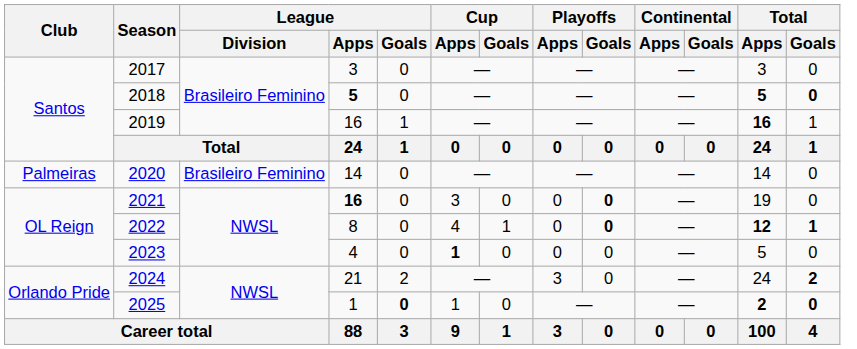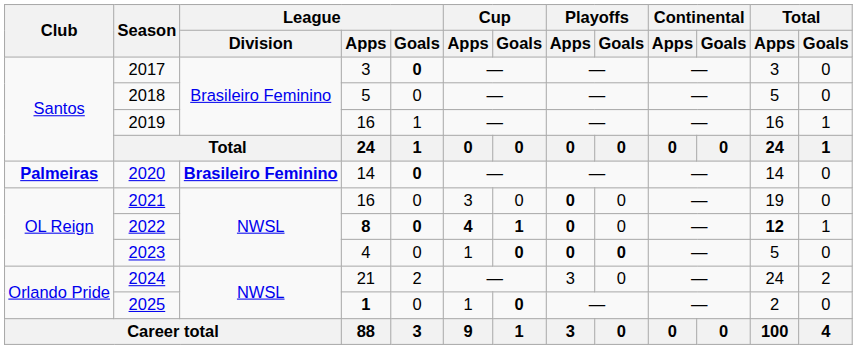 <table class=wikitable style=text-align:center>
 <tr>
 <th rowspan=2>Club</th>
 <th rowspan=2>Season</th>
 <th colspan=3>League</th>
 <th colspan="2">Cup</th>
 <th colspan="2">Playoffs</th>
 <th colspan=2>Continental</th>
 <th colspan=2>Total</th>
 </tr>
 <tr>
 <th>Division</th>
 <th>Apps</th>
 <th>Goals</th>
 <th>Apps</th>
 <th>Goals</th>
 <th>Apps</th>
 <th>Goals</th>
 <th>Apps</th>
 <th>Goals</th>
 <th>Apps</th>
 <th>Goals</th>
 </tr>
 <tr>
 <td rowspan=4><a href='#'>Santos</a></td>
 <td>2017</td>
 <td rowspan=3><a href='#'>Brasileiro Feminino</a></td>
 <td>3</td>
-<td>0</td>
+<td><strong>0</strong></td>
 <td colspan="2">—</td>
 <td colspan="2">—</td>
 <td colspan="2">—</td>
 <td>3</td>
 <td>0</td>
 </tr>
 <tr>
 <td>2018</td>
-<td><strong>5</strong></td>
+<td>5</td>
 <td>0</td>
 <td colspan="2">—</td>
 <td colspan="2">—</td>
 <td colspan="2">—</td>
-<td><strong>5</strong></td>
-<td><strong>0</strong></td>
+<td>5</td>
+<td>0</td>
 </tr>
 <tr>
 <td>2019</td>
 <td>16</td>
 <td>1</td>
 <td colspan="2">—</td>
 <td colspan="2">—</td>
 <td colspan="2">—</td>
-<td><strong>16</strong></td>
+<td>16</td>
 <td>1</td>
 </tr>
 <tr>
 <th colspan=2>Total</th>
 <th>24</th>
 <th>1</th>
 <th>0</th>
 <th>0</th>
 <th>0</th>
 <th>0</th>
 <th>0</th>
 <th>0</th>
 <th>24</th>
 <th>1</th>
 </tr>
 <tr>
-<td><a href='#'>Palmeiras</a></td>
+<td><strong><a href='#'>Palmeiras</a></strong></td>
 <td><a href='#'>2020</a></td>
-<td><a href='#'>Brasileiro Feminino</a></td>
+<td><strong><a href='#'>Brasileiro Feminino</a></strong></td>
 <td>14</td>
-<td>0</td>
+<td><strong>0</strong></td>
 <td colspan="2">—</td>
 <td colspan="2">—</td>
 <td colspan="2">—</td>
 <td>14</td>
 <td>0</td>
 </tr>
 <tr>
 <td rowspan=3><a href='#'>OL Reign</a></td>
 <td><a href='#'>2021</a></td>
 <td rowspan=3><a href='#'>NWSL</a></td>
-<td><strong>16</strong></td>
+<td>16</td>
 <td>0</td>
 <td>3</td>
 <td>0</td>
+<td><strong>0</strong></td>
 <td>0</td>
-<td><strong>0</strong></td>
 <td colspan="2">—</td>
 <td>19</td>
 <td>0</td>
 </tr>
 <tr>
 <td><a href='#'>2022</a></td>
-<td>8</td>
+<td><strong>8</strong></td>
+<td><strong>0</strong></td>
+<td><strong>4</strong></td>
+<td><strong>1</strong></td>
+<td><strong>0</strong></td>
 <td>0</td>
-<td>4</td>
-<td>1</td>
-<td>0</td>
-<td><strong>0</strong></td>
 <td colspan="2">—</td>
 <td><strong>12</strong></td>
-<td><strong>1</strong></td>
+<td>1</td>
 </tr>
 <tr>
 <td><a href='#'>2023</a></td>
 <td>4</td>
 <td>0</td>
-<td><strong>1</strong></td>
-<td>0</td>
-<td>0</td>
-<td>0</td>
+<td>1</td>
+<td><strong>0</strong></td>
+<td><strong>0</strong></td>
+<td><strong>0</strong></td>
 <td colspan="2">—</td>
 <td>5</td>
 <td>0</td>
 </tr>
 <tr>
 <td rowspan="2"><a href='#'>Orlando Pride</a></td>
 <td><a href='#'>2024</a></td>
 <td rowspan="2"><a href='#'>NWSL</a></td>
 <td>21</td>
 <td>2</td>
 <td colspan="2">—</td>
 <td>3</td>
 <td>0</td>
 <td colspan="2">—</td>
 <td>24</td>
-<td><strong>2</strong></td>
+<td>2</td>
 </tr>
 <tr>
 <td><a href='#'>2025</a></td>
+<td><strong>1</strong></td>
+<td>0</td>
 <td>1</td>
 <td><strong>0</strong></td>
-<td>1</td>
-<td>0</td>
 <td colspan="2">—</td>
 <td colspan="2">—</td>
-<td><strong>2</strong></td>
-<td><strong>0</strong></td>
+<td>2</td>
+<td>0</td>
 </tr>
 <tr>
 <th colspan=3>Career total</th>
 <th>88</th>
 <th>3</th>
 <th>9</th>
 <th>1</th>
 <th>3</th>
 <th>0</th>
 <th>0</th>
 <th>0</th>
 <th>100</th>
 <th>4</th>
 </tr>
 </table>
